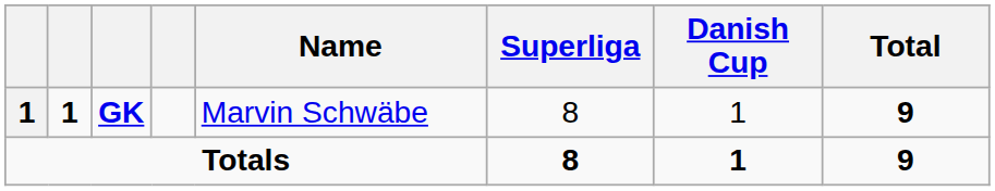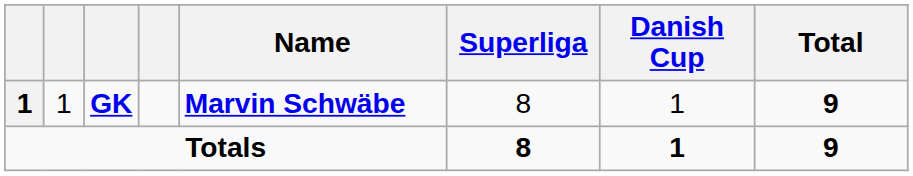 <table class="wikitable" style="text-align:center">
 <tr>
 <th width=15></th>
 <th width=15></th>
 <th width=15></th>
 <th width=15></th>
 <th width=145>Name</th>
 <th width=80><a href='#'>Superliga</a></th>
 <th width=80><a href='#'>Danish Cup</a></th>
 <th width=80>Total</th>
 </tr>
 <tr>
 <th rowspan=1>1</th>
-<td><strong>1</strong></td>
+<td>1</td>
 <td><strong><a href='#'>GK</a></strong></td>
 <td></td>
-<td align=left><a href='#'>Marvin Schwäbe</a></td>
+<td align=left><strong><a href='#'>Marvin Schwäbe</a></strong></td>
 <td>8</td>
 <td>1</td>
 <td><strong>9</strong></td>
 </tr>
 <tr>
 <td colspan=5><strong>Totals</strong></td>
 <td><strong>8</strong></td>
 <td><strong>1</strong></td>
 <td><strong>9</strong></td>
 </tr>
 </table>
